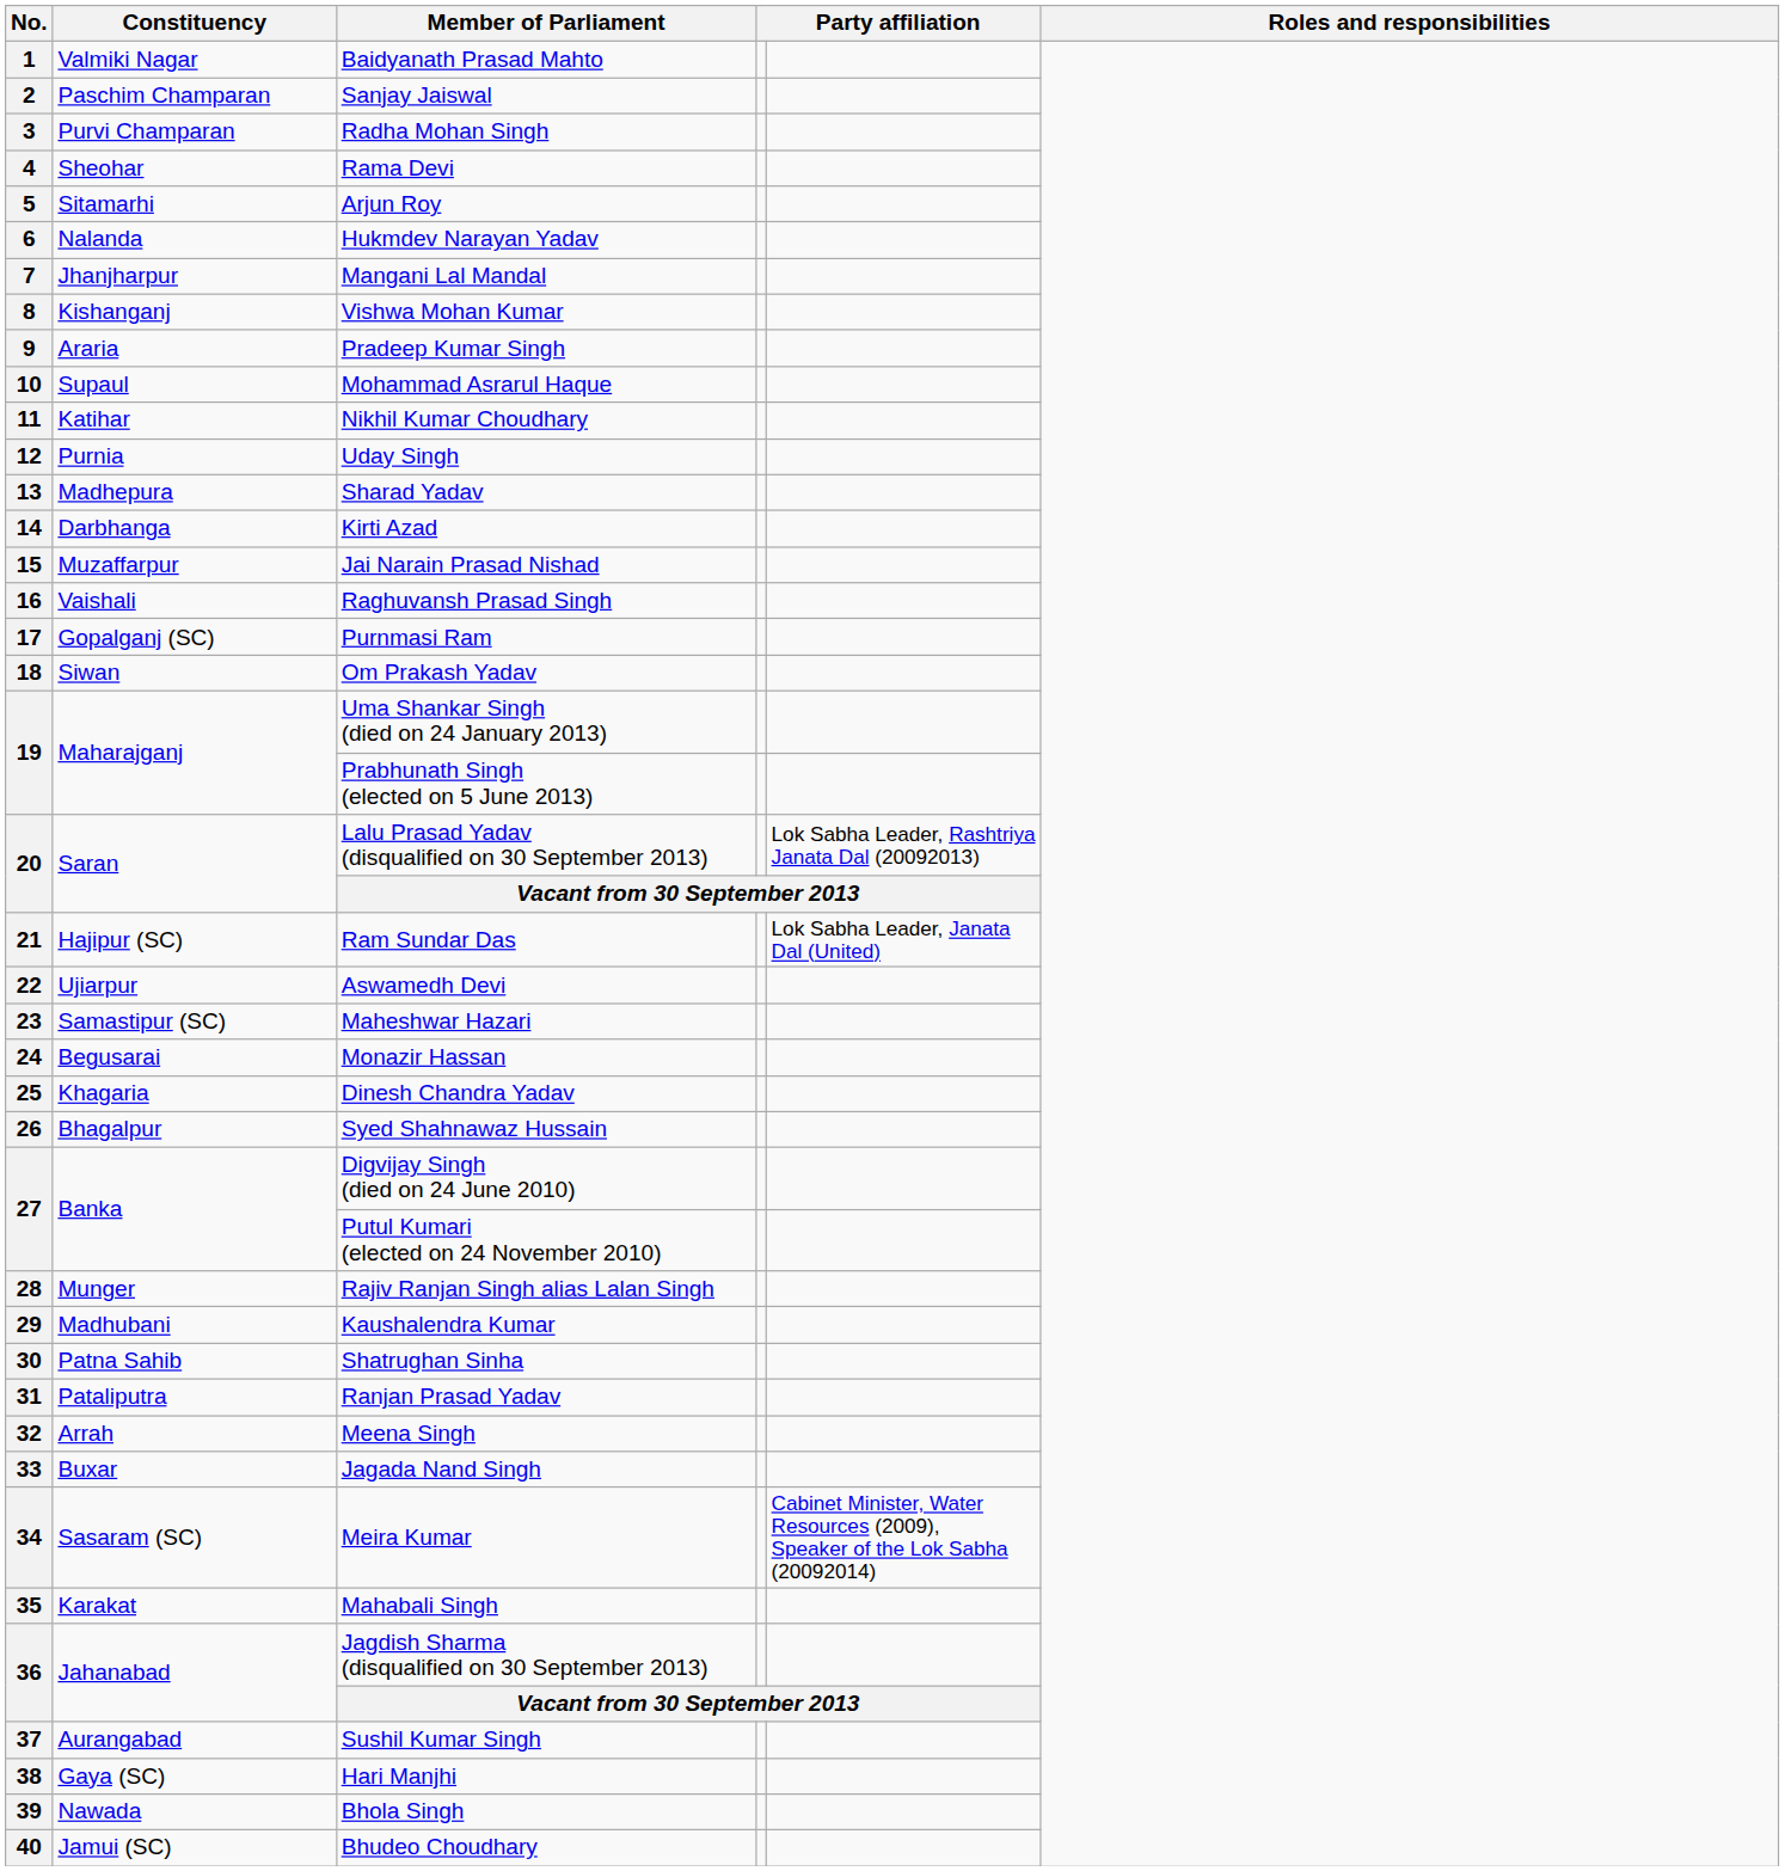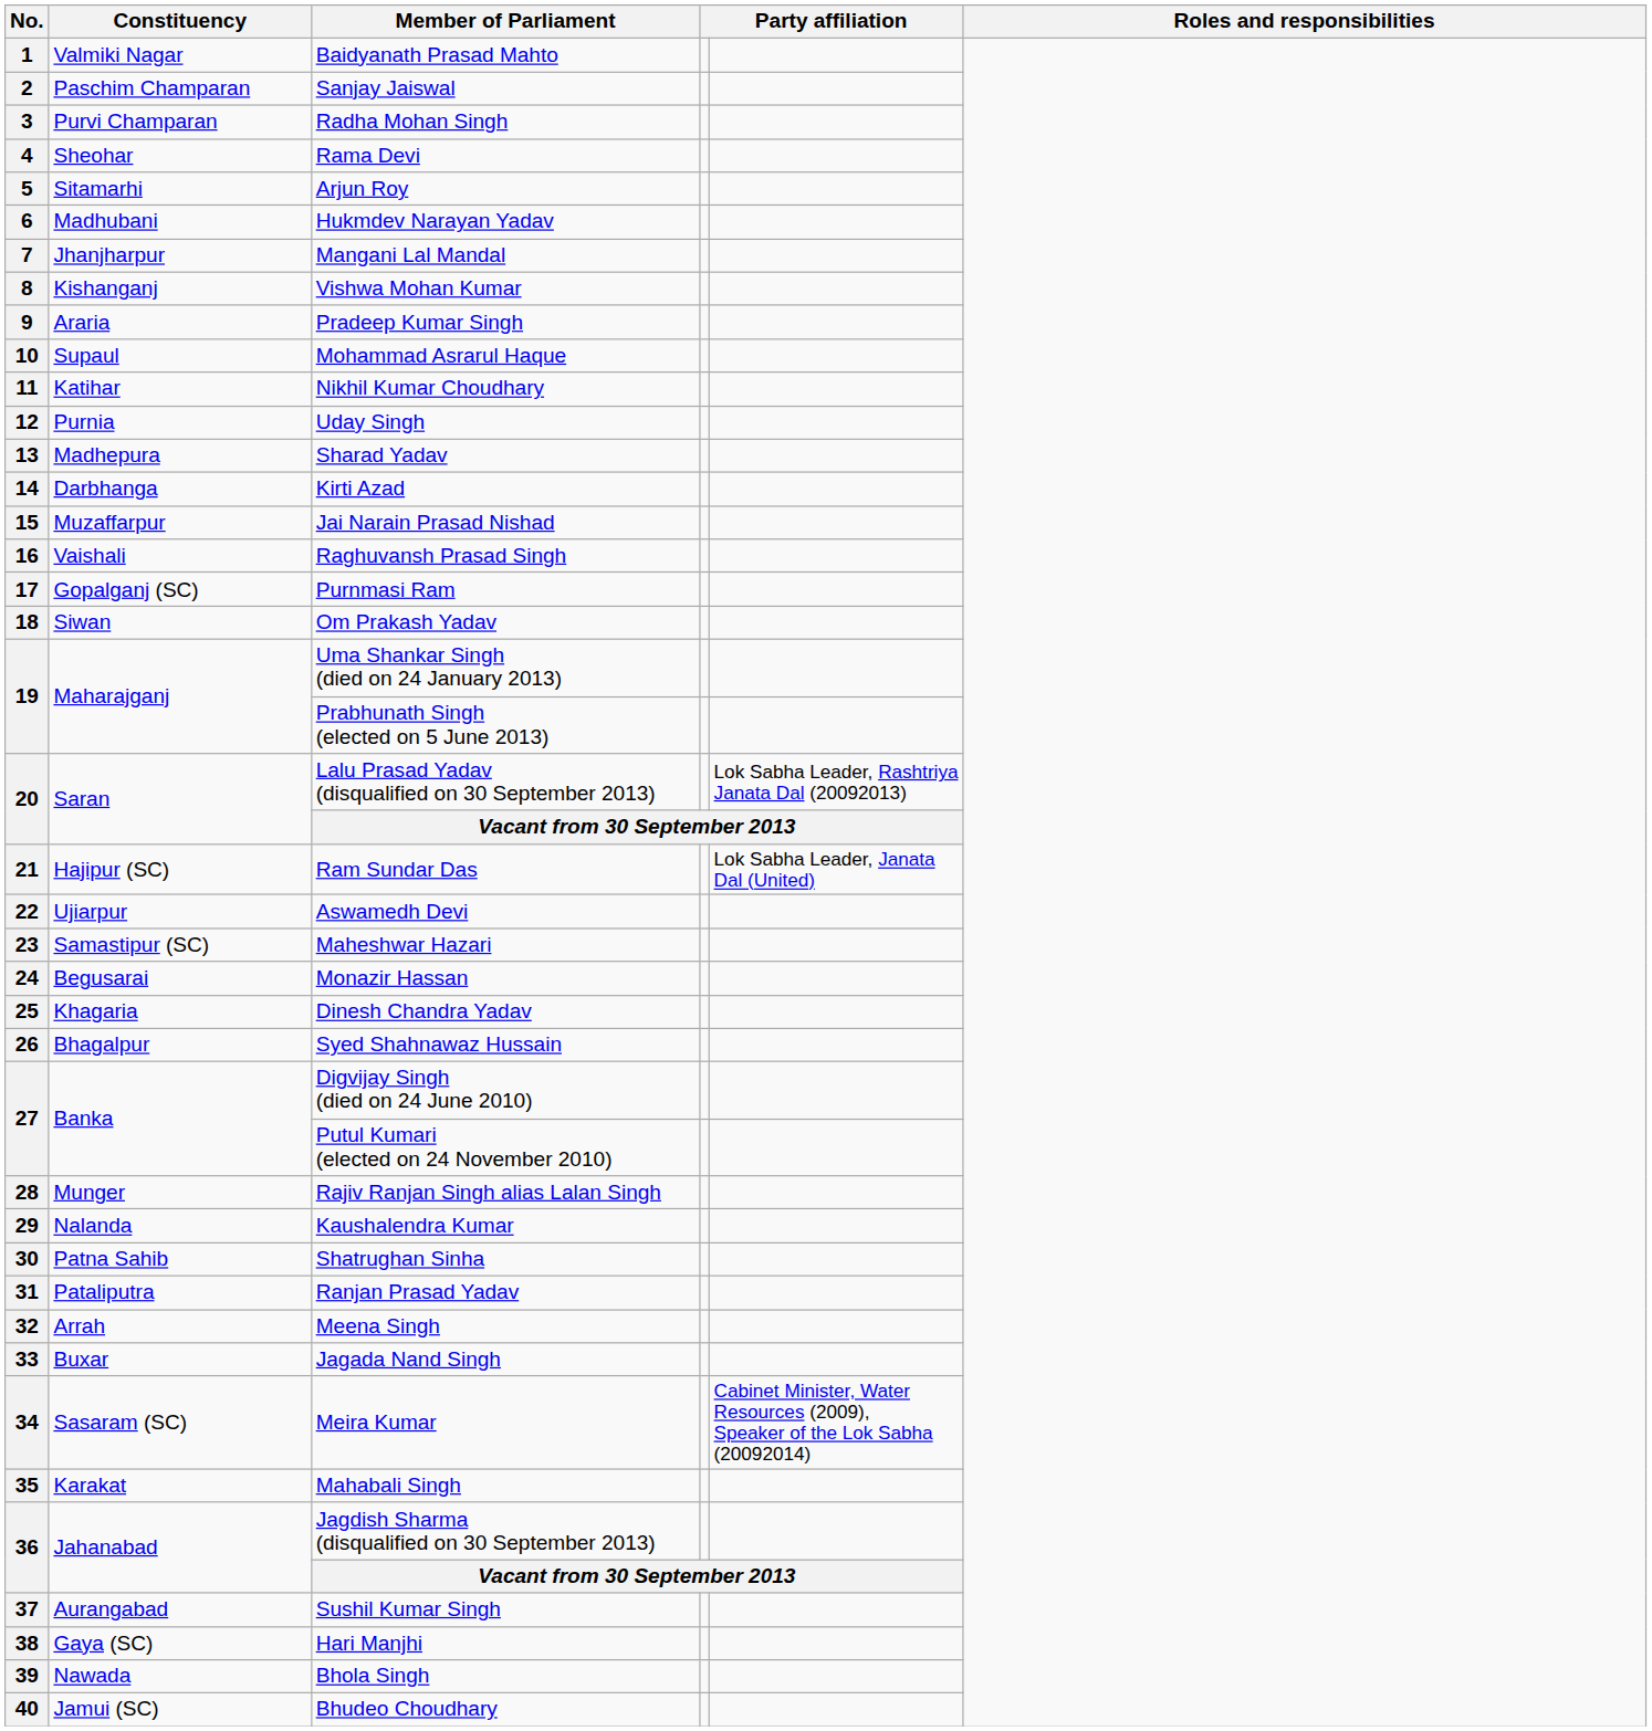 <table class="wikitable">
 <tr style="text-align:center;">
 <th>No.</th>
 <th style="width:12em">Constituency</th>
 <th style="width:18em">Member of Parliament</th>
 <th colspan="2" style="width:18em">Party affiliation</th>
 <th style="width:32em">Roles and responsibilities</th>
 </tr>
 <tr>
 <th>1</th>
 <td><a href='#'>Valmiki Nagar</a></td>
 <td><a href='#'>Baidyanath Prasad Mahto</a></td>
 <td></td>
 <td></td>
 </tr>
 <tr>
 <th>2</th>
 <td><a href='#'>Paschim Champaran</a></td>
 <td><a href='#'>Sanjay Jaiswal</a></td>
 <td></td>
 <td></td>
 </tr>
 <tr>
 <th>3</th>
 <td><a href='#'>Purvi Champaran</a></td>
 <td><a href='#'>Radha Mohan Singh</a></td>
 <td></td>
 <td></td>
 </tr>
 <tr>
 <th>4</th>
 <td><a href='#'>Sheohar</a></td>
 <td><a href='#'>Rama Devi</a></td>
 <td></td>
 <td></td>
 </tr>
 <tr>
 <th>5</th>
 <td><a href='#'>Sitamarhi</a></td>
 <td><a href='#'>Arjun Roy</a></td>
 <td></td>
 <td></td>
 </tr>
 <tr>
 <th>6</th>
-<td><a href='#'>Nalanda</a></td>
+<td><a href='#'>Madhubani</a></td>
 <td><a href='#'>Hukmdev Narayan Yadav</a></td>
 <td></td>
 <td></td>
 </tr>
 <tr>
 <th>7</th>
 <td><a href='#'>Jhanjharpur</a></td>
 <td><a href='#'>Mangani Lal Mandal</a></td>
 <td></td>
 <td></td>
 </tr>
 <tr>
 <th>8</th>
 <td><a href='#'>Kishanganj</a></td>
 <td><a href='#'>Vishwa Mohan Kumar</a></td>
 <td></td>
 <td></td>
 </tr>
 <tr>
 <th>9</th>
 <td><a href='#'>Araria</a></td>
 <td><a href='#'>Pradeep Kumar Singh</a></td>
 <td></td>
 <td></td>
 </tr>
 <tr>
 <th>10</th>
 <td><a href='#'>Supaul</a></td>
 <td><a href='#'>Mohammad Asrarul Haque</a></td>
 <td></td>
 <td></td>
 </tr>
 <tr>
 <th>11</th>
 <td><a href='#'>Katihar</a></td>
 <td><a href='#'>Nikhil Kumar Choudhary</a></td>
 <td></td>
 <td></td>
 </tr>
 <tr>
 <th>12</th>
 <td><a href='#'>Purnia</a></td>
 <td><a href='#'>Uday Singh</a></td>
 <td></td>
 <td></td>
 </tr>
 <tr>
 <th>13</th>
 <td><a href='#'>Madhepura</a></td>
 <td><a href='#'>Sharad Yadav</a></td>
 <td></td>
 <td></td>
 </tr>
 <tr>
 <th>14</th>
 <td><a href='#'>Darbhanga</a></td>
 <td><a href='#'>Kirti Azad</a></td>
 <td></td>
 <td></td>
 </tr>
 <tr>
 <th>15</th>
 <td><a href='#'>Muzaffarpur</a></td>
 <td><a href='#'>Jai Narain Prasad Nishad</a></td>
 <td></td>
 <td></td>
 </tr>
 <tr>
 <th>16</th>
 <td><a href='#'>Vaishali</a></td>
 <td><a href='#'>Raghuvansh Prasad Singh</a></td>
 <td></td>
 <td></td>
 </tr>
 <tr>
 <th>17</th>
 <td><a href='#'>Gopalganj</a> (SC)</td>
 <td><a href='#'>Purnmasi Ram</a></td>
 <td></td>
 <td></td>
 </tr>
 <tr>
 <th>18</th>
 <td><a href='#'>Siwan</a></td>
 <td><a href='#'>Om Prakash Yadav</a></td>
 <td></td>
 <td></td>
 </tr>
 <tr>
 <th rowspan="2">19</th>
 <td rowspan="2"><a href='#'>Maharajganj</a></td>
 <td><a href='#'>Uma Shankar Singh</a><br>(died on 24 January 2013)</td>
 <td></td>
 <td></td>
 </tr>
 <tr>
 <td><a href='#'>Prabhunath Singh</a><br>(elected on 5 June 2013)</td>
 <td></td>
 <td></td>
 </tr>
 <tr>
 <th rowspan="2">20</th>
 <td rowspan="2"><a href='#'>Saran</a></td>
 <td><a href='#'>Lalu Prasad Yadav</a><br>(disqualified on 30 September 2013)</td>
 <td></td>
 <td style="font-size:90%">Lok Sabha Leader, <a href='#'>Rashtriya Janata Dal</a> (20092013)</td>
 </tr>
 <tr>
 <th colspan="3"><em>Vacant from 30 September 2013</em></th>
 </tr>
 <tr>
 <th>21</th>
 <td><a href='#'>Hajipur</a> (SC)</td>
 <td><a href='#'>Ram Sundar Das</a></td>
 <td></td>
 <td style="font-size:90%">Lok Sabha Leader, <a href='#'>Janata Dal (United)</a></td>
 </tr>
 <tr>
 <th>22</th>
 <td><a href='#'>Ujiarpur</a></td>
 <td><a href='#'>Aswamedh Devi</a></td>
 <td></td>
 <td></td>
 </tr>
 <tr>
 <th>23</th>
 <td><a href='#'>Samastipur</a> (SC)</td>
 <td><a href='#'>Maheshwar Hazari</a></td>
 <td></td>
 <td></td>
 </tr>
 <tr>
 <th>24</th>
 <td><a href='#'>Begusarai</a></td>
 <td><a href='#'>Monazir Hassan</a></td>
 <td></td>
 <td></td>
 </tr>
 <tr>
 <th>25</th>
 <td><a href='#'>Khagaria</a></td>
 <td><a href='#'>Dinesh Chandra Yadav</a></td>
 <td></td>
 <td></td>
 </tr>
 <tr>
 <th>26</th>
 <td><a href='#'>Bhagalpur</a></td>
 <td><a href='#'>Syed Shahnawaz Hussain</a></td>
 <td></td>
 <td></td>
 </tr>
 <tr>
 <th rowspan="2">27</th>
 <td rowspan="2"><a href='#'>Banka</a></td>
 <td><a href='#'>Digvijay Singh</a><br>(died on 24 June 2010)</td>
 <td></td>
 <td></td>
 </tr>
 <tr>
 <td><a href='#'>Putul Kumari</a><br>(elected on 24 November 2010)</td>
 <td></td>
 <td></td>
 </tr>
 <tr>
 <th>28</th>
 <td><a href='#'>Munger</a></td>
 <td><a href='#'>Rajiv Ranjan Singh alias Lalan Singh</a></td>
 <td></td>
 <td></td>
 </tr>
 <tr>
 <th>29</th>
-<td><a href='#'>Madhubani</a></td>
+<td><a href='#'>Nalanda</a></td>
 <td><a href='#'>Kaushalendra Kumar</a></td>
 <td></td>
 <td></td>
 </tr>
 <tr>
 <th>30</th>
 <td><a href='#'>Patna Sahib</a></td>
 <td><a href='#'>Shatrughan Sinha</a></td>
 <td></td>
 <td></td>
 </tr>
 <tr>
 <th>31</th>
 <td><a href='#'>Pataliputra</a></td>
 <td><a href='#'>Ranjan Prasad Yadav</a></td>
 <td></td>
 <td></td>
 </tr>
 <tr>
 <th>32</th>
 <td><a href='#'>Arrah</a></td>
 <td><a href='#'>Meena Singh</a></td>
 <td></td>
 <td></td>
 </tr>
 <tr>
 <th>33</th>
 <td><a href='#'>Buxar</a></td>
 <td><a href='#'>Jagada Nand Singh</a></td>
 <td></td>
 <td></td>
 </tr>
 <tr>
 <th>34</th>
 <td><a href='#'>Sasaram</a> (SC)</td>
 <td><a href='#'>Meira Kumar</a></td>
 <td></td>
 <td style="font-size:90%"><a href='#'>Cabinet Minister, Water Resources</a> (2009),<br><a href='#'>Speaker of the Lok Sabha</a> (20092014)</td>
 </tr>
 <tr>
 <th>35</th>
 <td><a href='#'>Karakat</a></td>
 <td><a href='#'>Mahabali Singh</a></td>
 <td></td>
 <td></td>
 </tr>
 <tr>
 <th rowspan="2">36</th>
 <td rowspan="2"><a href='#'>Jahanabad</a></td>
 <td><a href='#'>Jagdish Sharma</a><br>(disqualified on 30 September 2013)</td>
 <td></td>
 <td></td>
 </tr>
 <tr>
 <th colspan="3"><em>Vacant from 30 September 2013</em></th>
 </tr>
 <tr>
 <th>37</th>
 <td><a href='#'>Aurangabad</a></td>
 <td><a href='#'>Sushil Kumar Singh</a></td>
 <td></td>
 <td></td>
 </tr>
 <tr>
 <th>38</th>
 <td><a href='#'>Gaya</a> (SC)</td>
 <td><a href='#'>Hari Manjhi</a></td>
 <td></td>
 <td></td>
 </tr>
 <tr>
 <th>39</th>
 <td><a href='#'>Nawada</a></td>
 <td><a href='#'>Bhola Singh</a></td>
 <td></td>
 <td></td>
 </tr>
 <tr>
 <th>40</th>
 <td><a href='#'>Jamui</a> (SC)</td>
 <td><a href='#'>Bhudeo Choudhary</a></td>
 <td></td>
 <td></td>
 </tr>
 <tr>
 </tr>
 </table>
